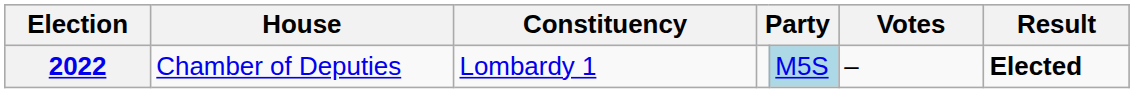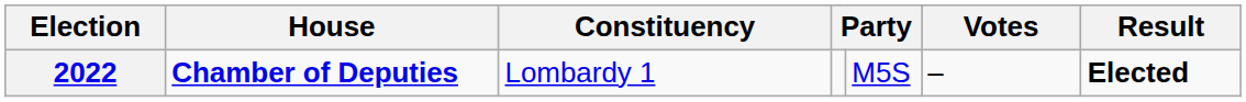 <table class=wikitable style="width:55%; border:1px #AAAAFF solid">
 <tr>
 <th width=12%>Election</th>
 <th width=25%>House</th>
 <th width=25%>Constituency</th>
 <th width=5% colspan="2">Party</th>
 <th width=12%>Votes</th>
 <th width=12%>Result</th>
 </tr>
 <tr>
 <th><a href='#'>2022</a></th>
-<td><a href='#'>Chamber of Deputies</a></td>
+<td><strong><a href='#'>Chamber of Deputies</a></strong></td>
 <td><a href='#'>Lombardy 1</a></td>
 <td></td>
-<td style="background: lightblue;"><a href='#'>M5S</a></td>
+<td><a href='#'>M5S</a></td>
 <td>–</td>
 <td> <strong>Elected</strong></td>
 </tr>
 </table>
